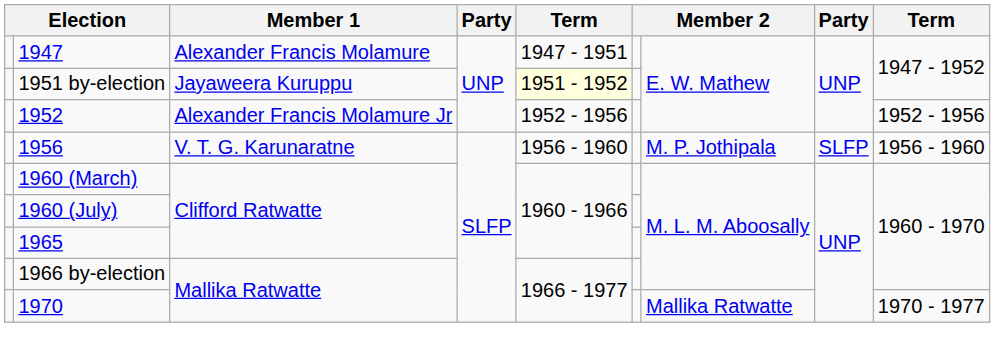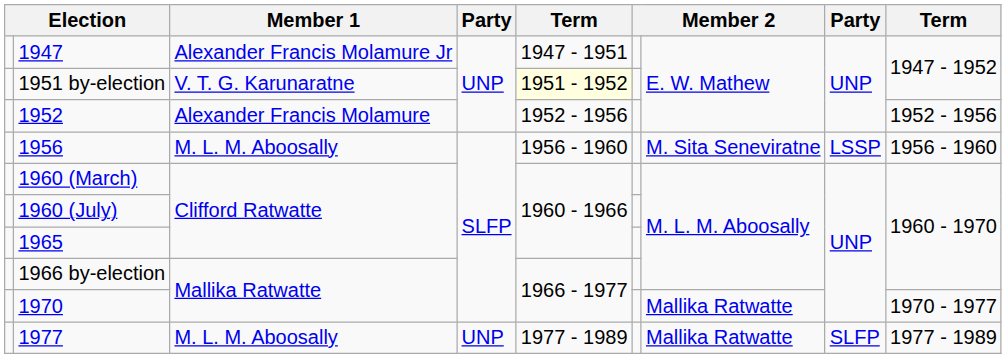 <table class="wikitable">
 <tr>
 <th colspan="2">Election</th>
 <th>Member 1</th>
 <th>Party</th>
 <th>Term</th>
 <th colspan="2">Member 2</th>
 <th>Party</th>
 <th>Term</th>
 </tr>
 <tr>
 <td style="background-color: "></td>
 <td><a href='#'>1947</a></td>
-<td><a href='#'>Alexander Francis Molamure</a></td>
+<td><a href='#'>Alexander Francis Molamure Jr</a></td>
 <td rowspan=3><a href='#'>UNP</a></td>
 <td>1947 - 1951</td>
 <td style="background-color: "></td>
 <td rowspan=3><a href='#'>E. W. Mathew</a></td>
 <td rowspan=3><a href='#'>UNP</a></td>
 <td rowspan=2>1947 - 1952</td>
 </tr>
 <tr>
 <td style="background-color: "></td>
 <td>1951 by-election</td>
-<td><a href='#'>Jayaweera Kuruppu</a></td>
+<td><a href='#'>V. T. G. Karunaratne</a></td>
 <td style="background: lightyellow;">1951 - 1952</td>
 <td style="background-color: "></td>
 </tr>
 <tr>
 <td style="background-color: "></td>
 <td><a href='#'>1952</a></td>
-<td><a href='#'>Alexander Francis Molamure Jr</a></td>
+<td><a href='#'>Alexander Francis Molamure</a></td>
 <td>1952 - 1956</td>
 <td style="background-color: "></td>
 <td>1952 - 1956</td>
 </tr>
 <tr>
 <td style="background-color: "></td>
 <td><a href='#'>1956</a></td>
-<td><a href='#'>V. T. G. Karunaratne</a></td>
+<td><a href='#'>M. L. M. Aboosally</a></td>
 <td rowspan=6><a href='#'>SLFP</a></td>
 <td>1956 - 1960</td>
 <td style="background-color: "></td>
-<td><a href='#'>M. P. Jothipala</a></td>
-<td><a href='#'>SLFP</a></td>
+<td><a href='#'>M. Sita Seneviratne</a></td>
+<td><a href='#'>LSSP</a></td>
 <td>1956 - 1960</td>
 </tr>
 <tr>
 <td style="background-color: "></td>
 <td><a href='#'>1960 (March)</a></td>
 <td rowspan=3><a href='#'>Clifford Ratwatte</a></td>
 <td rowspan=3>1960 - 1966</td>
 <td style="background-color: "></td>
 <td rowspan=4><a href='#'>M. L. M. Aboosally</a></td>
 <td rowspan=5><a href='#'>UNP</a></td>
 <td rowspan=4>1960 - 1970</td>
 </tr>
 <tr>
 <td style="background-color: "></td>
 <td><a href='#'>1960 (July)</a></td>
 <td style="background-color: "></td>
 </tr>
 <tr>
 <td style="background-color: "></td>
 <td><a href='#'>1965</a></td>
 <td style="background-color: "></td>
 </tr>
 <tr>
 <td style="background-color: "></td>
 <td>1966 by-election</td>
 <td rowspan=2><a href='#'>Mallika Ratwatte</a></td>
 <td rowspan=2>1966 - 1977</td>
 <td style="background-color: "></td>
 </tr>
 <tr>
 <td style="background-color: "></td>
 <td><a href='#'>1970</a></td>
 <td style="background-color: "></td>
 <td><a href='#'>Mallika Ratwatte</a></td>
 <td>1970 - 1977</td>
 </tr>
+<tr>
+<td style="background-color: "></td>
+<td><a href='#'>1977</a></td>
+<td><a href='#'>M. L. M. Aboosally</a></td>
+<td><a href='#'>UNP</a></td>
+<td>1977 - 1989</td>
+<td style="background-color: "></td>
+<td><a href='#'>Mallika Ratwatte</a></td>
+<td><a href='#'>SLFP</a></td>
+<td>1977 - 1989</td>
+</tr>
 </table>
